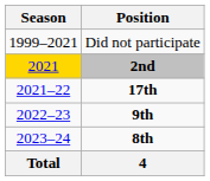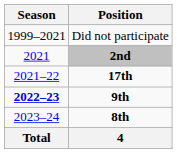 <table class="wikitable" style="text-align: center;">
 <tr>
 <th>Season</th>
 <th>Position</th>
 </tr>
 <tr>
 <td>1999–2021</td>
 <td>Did not participate</td>
 </tr>
 <tr>
-<td style="background: gold;"><a href='#'>2021</a></td>
+<td><a href='#'>2021</a></td>
 <td style="background:Silver"><strong>2nd</strong></td>
 </tr>
 <tr>
 <td><a href='#'>2021–22</a></td>
 <td><strong>17th</strong></td>
 </tr>
 <tr>
-<td><a href='#'>2022–23</a></td>
+<td><strong><a href='#'>2022–23</a></strong></td>
 <td><strong>9th</strong></td>
 </tr>
 <tr>
 <td><a href='#'>2023–24</a></td>
 <td><strong>8th</strong></td>
 </tr>
 <tr>
 <th>Total</th>
 <th>4</th>
 </tr>
 </table>
